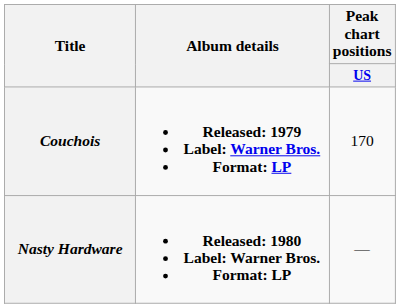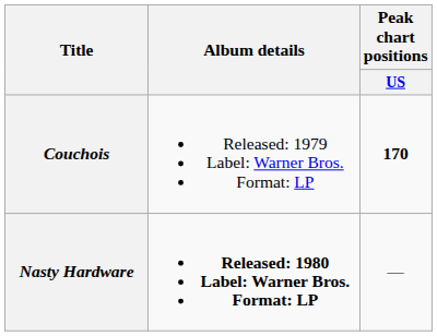 <table class="wikitable plainrowheaders" style="text-align:center;" border="1">
 <tr>
 <th scope="col" rowspan="2" style="width:8em;">Title</th>
 <th scope="col" rowspan="2" style="width:12em;">Album details</th>
 <th scope="col" colspan="2">Peak chart positions</th>
 </tr>
 <tr>
 <th style="width:3em; font-size:90%;"><a href='#'>US</a></th>
 </tr>
 <tr>
 <th scope="row"><em>Couchois</em></th>
-<td><strong><br><ul><li>Released: 1979</li><li>Label: <a href='#'>Warner Bros.</a></li><li>Format: <a href='#'>LP</a></li></ul></strong></td>
-<td>170</td>
+<td><br><ul><li>Released: 1979</li><li>Label: <a href='#'>Warner Bros.</a></li><li>Format: <a href='#'>LP</a></li></ul></td>
+<td><strong>170</strong></td>
 </tr>
 <tr>
 <th scope="row"><em>Nasty Hardware</em></th>
 <td><strong><br><ul><li>Released: 1980</li><li>Label: Warner Bros.</li><li>Format: LP</li></ul></strong></td>
 <td>—</td>
 </tr>
 </table>
